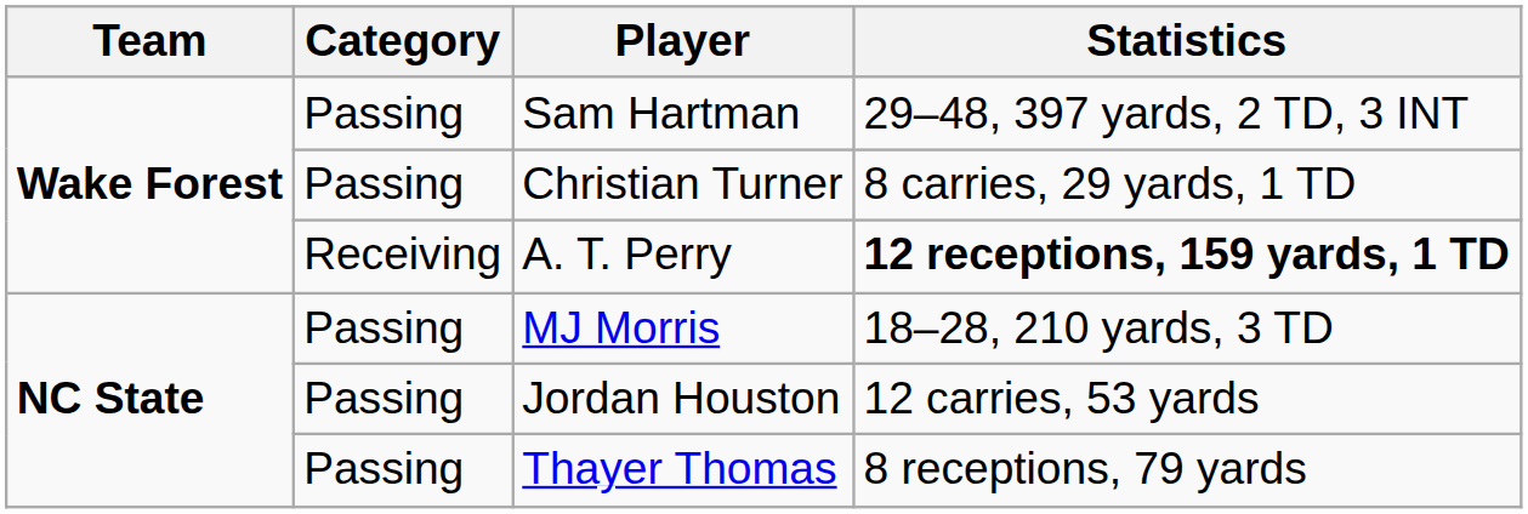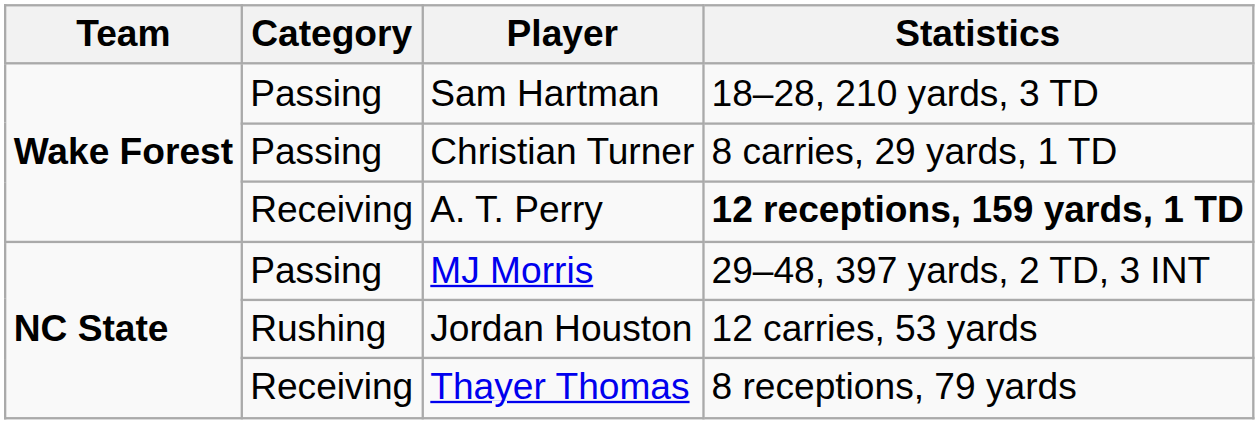 <table class="wikitable" style="float: left;">
 <tr>
 <th>Team</th>
 <th>Category</th>
 <th>Player</th>
 <th>Statistics</th>
 </tr>
 <tr>
 <td rowspan=3><strong>Wake Forest</strong></td>
 <td>Passing</td>
 <td>Sam Hartman</td>
-<td>29–48, 397 yards, 2 TD, 3 INT</td>
+<td>18–28, 210 yards, 3 TD</td>
 </tr>
 <tr>
 <td>Passing</td>
 <td>Christian Turner</td>
 <td>8 carries, 29 yards, 1 TD</td>
 </tr>
 <tr>
 <td>Receiving</td>
 <td>A. T. Perry</td>
 <td><strong>12 receptions, 159 yards, 1 TD</strong></td>
 </tr>
 <tr>
 <td rowspan=3><strong>NC State</strong></td>
 <td>Passing</td>
 <td><a href='#'>MJ Morris</a></td>
-<td>18–28, 210 yards, 3 TD</td>
+<td>29–48, 397 yards, 2 TD, 3 INT</td>
 </tr>
 <tr>
-<td>Passing</td>
+<td>Rushing</td>
 <td>Jordan Houston</td>
 <td>12 carries, 53 yards</td>
 </tr>
 <tr>
-<td>Passing</td>
+<td>Receiving</td>
 <td><a href='#'>Thayer Thomas</a></td>
 <td>8 receptions, 79 yards</td>
 </tr>
 </table>
